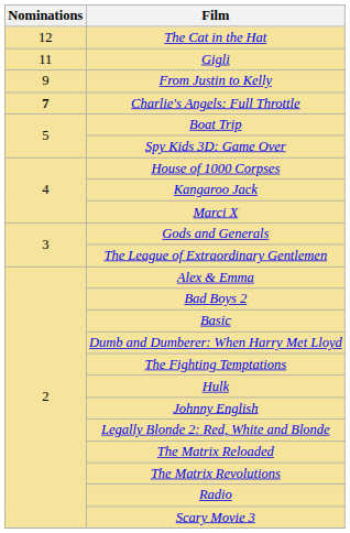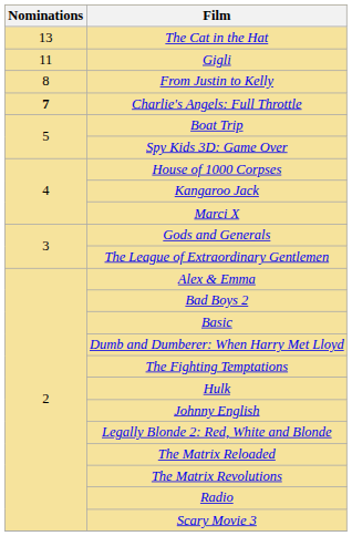 <table class="wikitable sortable" rowspan=2 style="text-align: center; background: #f6e39c">
 <tr>
 <th scope="col" width="55">Nominations</th>
 <th scope="col" align="center">Film</th>
 </tr>
 <tr>
-<td>12</td>
+<td>13</td>
 <td><em><a href='#'>The Cat in the Hat</a></em></td>
 </tr>
 <tr>
 <td>11</td>
 <td><em><a href='#'>Gigli</a></em></td>
 </tr>
 <tr>
-<td>9</td>
+<td>8</td>
 <td><em><a href='#'>From Justin to Kelly</a></em></td>
 </tr>
 <tr>
 <td><strong>7</strong></td>
 <td><em><a href='#'>Charlie's Angels: Full Throttle</a></em></td>
 </tr>
 <tr>
 <td rowspan="2" style="text-align:center">5</td>
 <td><em><a href='#'>Boat Trip</a></em></td>
 </tr>
 <tr>
 <td><em><a href='#'>Spy Kids 3D: Game Over</a></em></td>
 </tr>
 <tr>
 <td rowspan="3" style="text-align:center">4</td>
 <td><em><a href='#'>House of 1000 Corpses</a></em></td>
 </tr>
 <tr>
 <td><em><a href='#'>Kangaroo Jack</a></em></td>
 </tr>
 <tr>
 <td><em><a href='#'>Marci X</a></em></td>
 </tr>
 <tr>
 <td rowspan="2" style="text-align:center">3</td>
 <td><em><a href='#'>Gods and Generals</a></em></td>
 </tr>
 <tr>
 <td><em><a href='#'>The League of Extraordinary Gentlemen</a></em></td>
 </tr>
 <tr>
 <td rowspan="12" style="text-align:center">2</td>
 <td><em><a href='#'>Alex & Emma</a></em></td>
 </tr>
 <tr>
 <td><em><a href='#'>Bad Boys 2</a></em></td>
 </tr>
 <tr>
 <td><em><a href='#'>Basic</a></em></td>
 </tr>
 <tr>
 <td><em><a href='#'>Dumb and Dumberer: When Harry Met Lloyd</a></em></td>
 </tr>
 <tr>
 <td><em><a href='#'>The Fighting Temptations</a></em></td>
 </tr>
 <tr>
 <td><em><a href='#'>Hulk</a></em></td>
 </tr>
 <tr>
 <td><em><a href='#'>Johnny English</a></em></td>
 </tr>
 <tr>
 <td><em><a href='#'>Legally Blonde 2: Red, White and Blonde</a></em></td>
 </tr>
 <tr>
 <td><em><a href='#'>The Matrix Reloaded</a></em></td>
 </tr>
 <tr>
 <td><em><a href='#'>The Matrix Revolutions</a></em></td>
 </tr>
 <tr>
 <td><em><a href='#'>Radio</a></em></td>
 </tr>
 <tr>
 <td><em><a href='#'>Scary Movie 3</a></em></td>
 </tr>
 <tr>
 </tr>
 </table>
